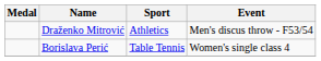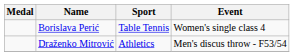 <table class="wikitable">
 <tr>
 <th>Medal</th>
 <th>Name</th>
 <th>Sport</th>
 <th>Event</th>
 </tr>
 <tr>
 <td></td>
+<td><a href='#'>Borislava Perić</a></td>
+<td><a href='#'>Table Tennis</a></td>
+<td>Women's single class 4</td>
+</tr>
+<tr>
+<td></td>
 <td><a href='#'>Draženko Mitrović</a></td>
 <td><a href='#'>Athletics</a></td>
 <td>Men's discus throw - F53/54</td>
 </tr>
 <tr>
-<td></td>
-<td><a href='#'>Borislava Perić</a></td>
-<td><a href='#'>Table Tennis</a></td>
-<td>Women's single class 4</td>
-</tr>
-<tr>
 </tr>
 </table>
